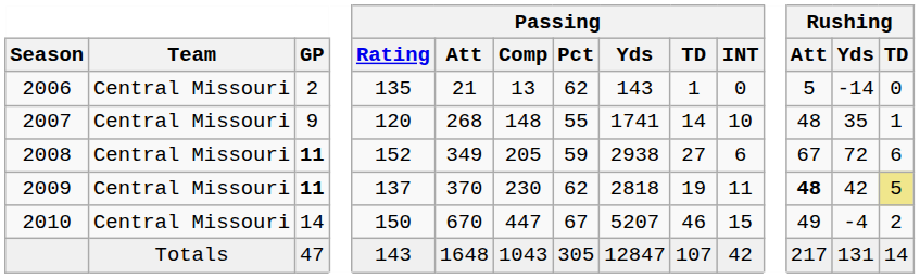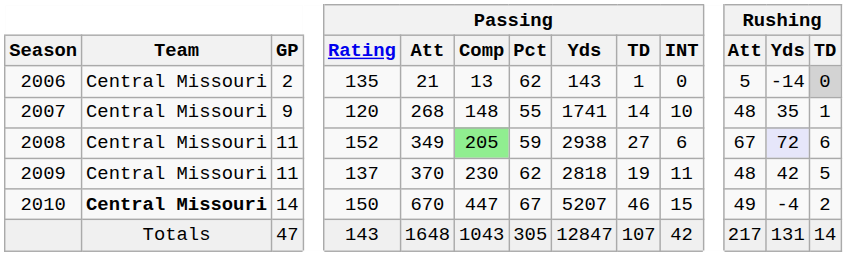 <table class="wikitable" style="text-align:center">
 <tr>
 <th colspan=3 style="background:#fff;border-color:#fff #fff #aaa"> </th>
 <th rowspan=99 style="background:#fff;border-color:#fff #aaa"> </th>
 <th colspan=7>Passing</th>
 <th rowspan=99 style="background:#fff;border-color:#fff #aaa"> </th>
 <th colspan=3>Rushing</th>
 </tr>
 <tr>
 <th>Season</th>
 <th>Team</th>
 <th>GP</th>
 <th><a href='#'>Rating</a></th>
 <th>Att</th>
 <th>Comp</th>
 <th>Pct</th>
 <th>Yds</th>
 <th>TD</th>
 <th>INT</th>
 <th>Att</th>
 <th>Yds</th>
 <th>TD</th>
 </tr>
 <tr>
 <td>2006</td>
 <td>Central Missouri</td>
 <td>2</td>
 <td>135</td>
 <td>21</td>
 <td>13</td>
 <td>62</td>
 <td>143</td>
 <td>1</td>
 <td>0</td>
 <td>5</td>
 <td>-14</td>
-<td>0</td>
+<td style="background: lightgrey;">0</td>
 </tr>
 <tr>
 <td>2007</td>
 <td>Central Missouri</td>
 <td>9</td>
 <td>120</td>
 <td>268</td>
 <td>148</td>
 <td>55</td>
 <td>1741</td>
 <td>14</td>
 <td>10</td>
 <td>48</td>
 <td>35</td>
 <td>1</td>
 </tr>
 <tr>
 <td>2008</td>
 <td>Central Missouri</td>
-<td><strong>11</strong></td>
+<td>11</td>
 <td>152</td>
 <td>349</td>
-<td>205</td>
+<td style="background: lightgreen;">205</td>
 <td>59</td>
 <td>2938</td>
 <td>27</td>
 <td>6</td>
 <td>67</td>
-<td>72</td>
+<td style="background: lavender;">72</td>
 <td>6</td>
 </tr>
 <tr>
 <td>2009</td>
 <td>Central Missouri</td>
-<td><strong>11</strong></td>
+<td>11</td>
 <td>137</td>
 <td>370</td>
 <td>230</td>
 <td>62</td>
 <td>2818</td>
 <td>19</td>
 <td>11</td>
-<td><strong>48</strong></td>
+<td>48</td>
 <td>42</td>
-<td style="background: khaki;">5</td>
+<td>5</td>
 </tr>
 <tr>
 <td>2010</td>
-<td>Central Missouri</td>
+<td><strong>Central Missouri</strong></td>
 <td>14</td>
 <td>150</td>
 <td>670</td>
 <td>447</td>
 <td>67</td>
 <td>5207</td>
 <td>46</td>
 <td>15</td>
 <td>49</td>
 <td>-4</td>
 <td>2</td>
 </tr>
 <tr style="text-align:center; background:#f0f0f0;">
 <td></td>
 <td>Totals</td>
 <td>47</td>
 <td>143</td>
 <td>1648</td>
 <td>1043</td>
 <td>305</td>
 <td>12847</td>
 <td>107</td>
 <td>42</td>
 <td>217</td>
 <td>131</td>
 <td>14</td>
 </tr>
 </table>
